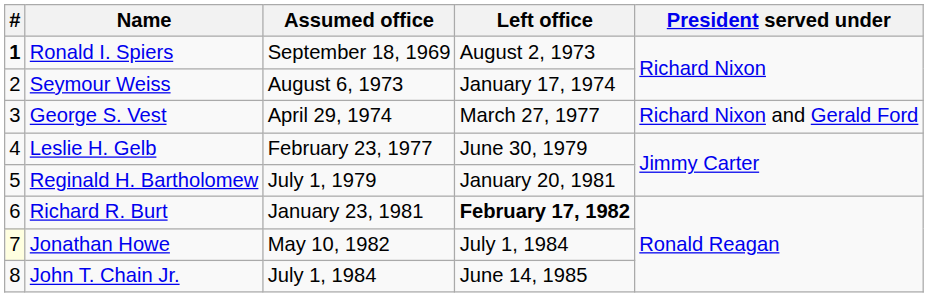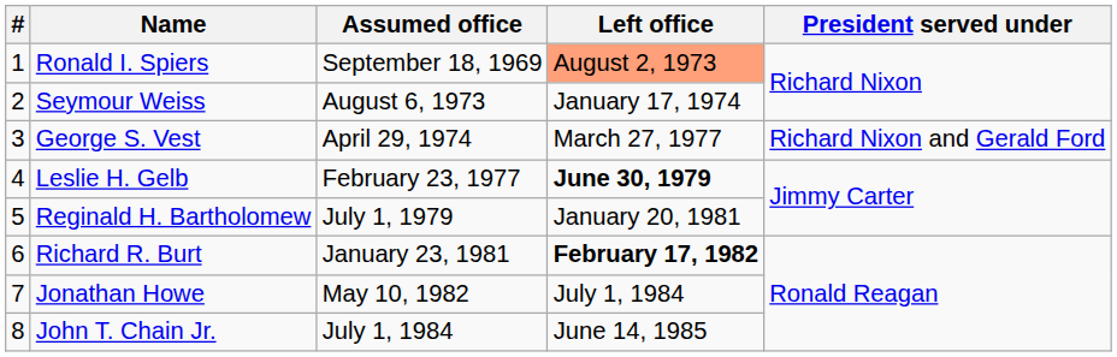 <table class="wikitable">
 <tr>
 <th>#</th>
 <th>Name</th>
 <th>Assumed office</th>
 <th>Left office</th>
 <th><a href='#'>President</a> served under</th>
 </tr>
 <tr>
-<td><strong>1</strong></td>
+<td>1</td>
 <td><a href='#'>Ronald I. Spiers</a></td>
 <td>September 18, 1969</td>
-<td>August 2, 1973</td>
+<td style="background: lightsalmon;">August 2, 1973</td>
 <td rowspan=2><a href='#'>Richard Nixon</a></td>
 </tr>
 <tr>
 <td>2</td>
 <td><a href='#'>Seymour Weiss</a></td>
 <td>August 6, 1973</td>
 <td>January 17, 1974</td>
 </tr>
 <tr>
 <td>3</td>
 <td><a href='#'>George S. Vest</a></td>
 <td>April 29, 1974</td>
 <td>March 27, 1977</td>
 <td><a href='#'>Richard Nixon</a> and <a href='#'>Gerald Ford</a></td>
 </tr>
 <tr>
 <td>4</td>
 <td><a href='#'>Leslie H. Gelb</a></td>
 <td>February 23, 1977</td>
-<td>June 30, 1979</td>
+<td><strong>June 30, 1979</strong></td>
 <td rowspan=2><a href='#'>Jimmy Carter</a></td>
 </tr>
 <tr>
 <td>5</td>
 <td><a href='#'>Reginald H. Bartholomew</a></td>
 <td>July 1, 1979</td>
 <td>January 20, 1981</td>
 </tr>
 <tr>
 <td>6</td>
 <td><a href='#'>Richard R. Burt</a></td>
 <td>January 23, 1981</td>
 <td><strong>February 17, 1982</strong></td>
 <td rowspan=3><a href='#'>Ronald Reagan</a></td>
 </tr>
 <tr>
-<td style="background: lightyellow;">7</td>
+<td>7</td>
 <td><a href='#'>Jonathan Howe</a></td>
 <td>May 10, 1982</td>
 <td>July 1, 1984</td>
 </tr>
 <tr>
 <td>8</td>
 <td><a href='#'>John T. Chain Jr.</a></td>
 <td>July 1, 1984</td>
 <td>June 14, 1985</td>
 </tr>
 </table>
